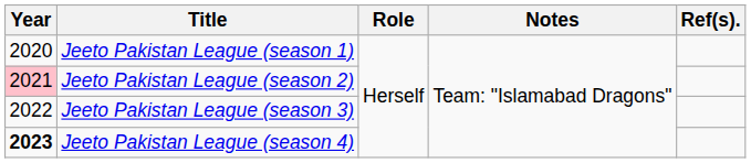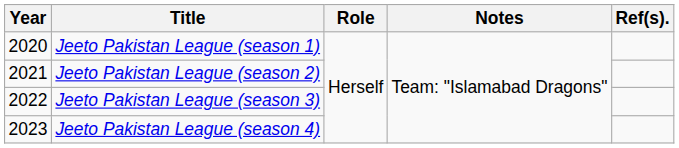 <table class= "wikitable">
 <tr>
 <th>Year</th>
 <th>Title</th>
 <th>Role</th>
 <th>Notes</th>
 <th>Ref(s).</th>
 </tr>
 <tr>
 <td>2020</td>
 <td><em><a href='#'>Jeeto Pakistan League (season 1)</a></em></td>
 <td Rowspan="4">Herself</td>
 <td Rowspan="4">Team: "Islamabad Dragons"</td>
 <td></td>
 </tr>
 <tr>
-<td style="background: pink;">2021</td>
+<td>2021</td>
 <td><em><a href='#'>Jeeto Pakistan League (season 2)</a></em></td>
 <td></td>
 </tr>
 <tr>
 <td>2022</td>
 <td><em><a href='#'>Jeeto Pakistan League (season 3)</a></em></td>
 <td></td>
 </tr>
 <tr>
-<td><strong>2023</strong></td>
+<td>2023</td>
 <td><em><a href='#'>Jeeto Pakistan League (season 4)</a></em></td>
 <td></td>
 </tr>
 </table>
